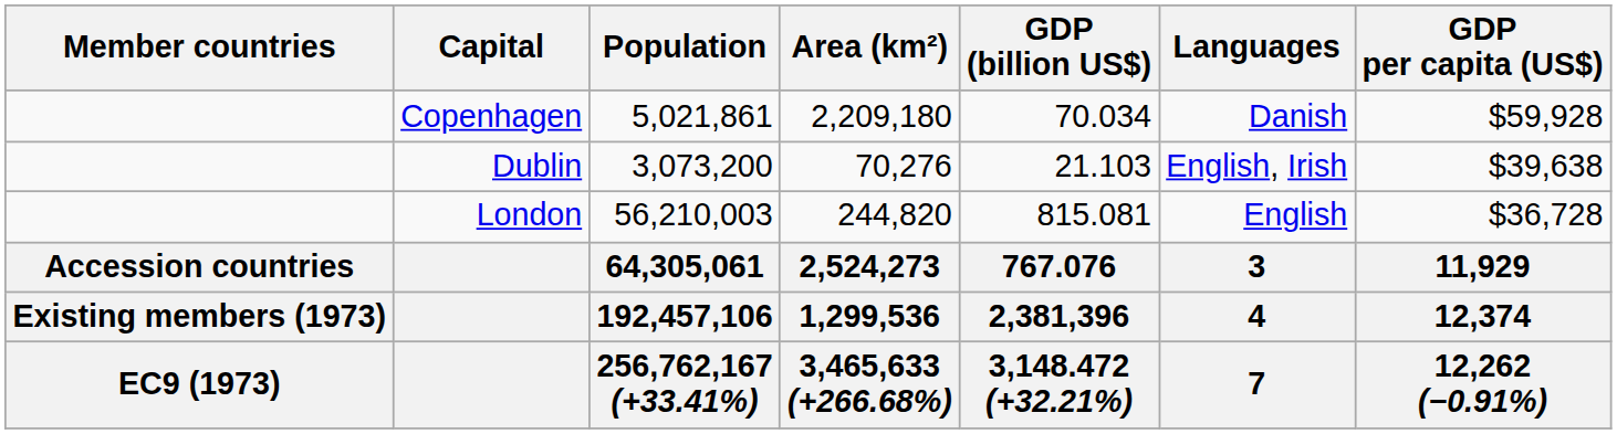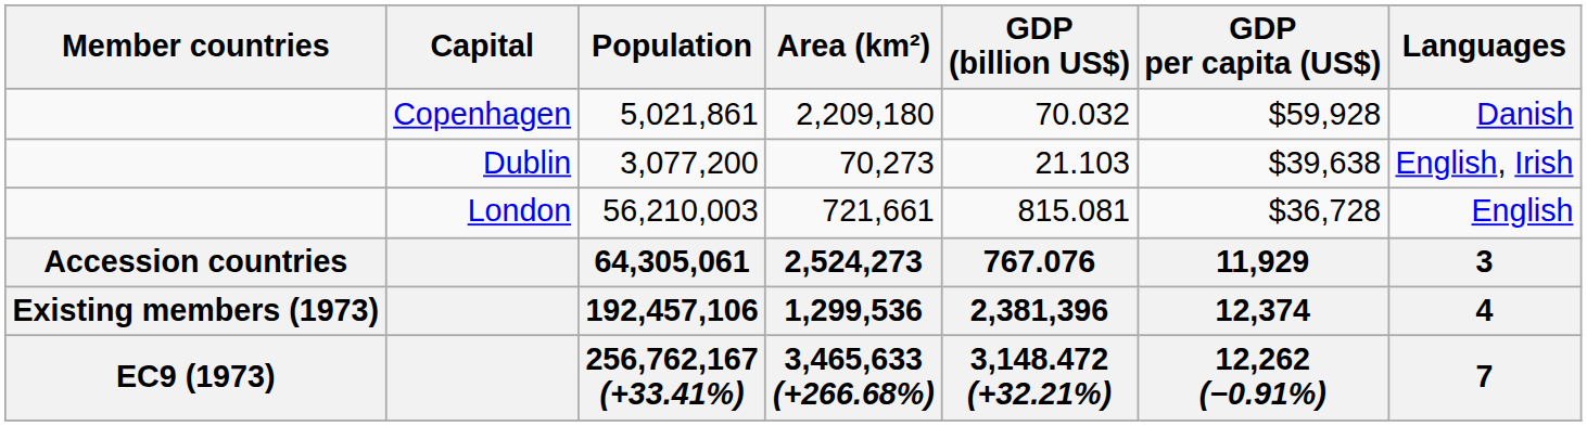 <table class="wikitable" style="text-align:right;">
 <tr>
 <th>Member countries</th>
 <th>Capital</th>
 <th>Population</th>
 <th>Area (km²)</th>
 <th>GDP <br>(billion US$)</th>
+<th>GDP <br>per capita (US$)</th>
 <th>Languages</th>
-<th>GDP <br>per capita (US$)</th>
 </tr>
 <tr>
 <td style="text-align:left;"></td>
 <td><a href='#'>Copenhagen</a></td>
 <td>5,021,861</td>
 <td>2,209,180</td>
-<td>70.034</td>
+<td>70.032</td>
+<td>$59,928</td>
 <td><a href='#'>Danish</a></td>
-<td>$59,928</td>
 </tr>
 <tr>
 <td style="text-align:left;"></td>
 <td><a href='#'>Dublin</a></td>
-<td>3,073,200</td>
-<td>70,276</td>
+<td>3,077,200</td>
+<td>70,273</td>
 <td>21.103</td>
+<td>$39,638</td>
 <td><a href='#'>English</a>, <a href='#'>Irish</a></td>
-<td>$39,638</td>
 </tr>
 <tr>
 <td style="text-align:left;"></td>
 <td><a href='#'>London</a></td>
 <td>56,210,003</td>
-<td>244,820</td>
+<td>721,661</td>
 <td>815.081</td>
+<td>$36,728</td>
 <td><a href='#'>English</a></td>
-<td>$36,728</td>
 </tr>
 <tr>
 <th>Accession countries</th>
 <th></th>
 <th>64,305,061</th>
 <th>2,524,273</th>
 <th>767.076</th>
+<th>11,929</th>
 <th>3</th>
-<th>11,929</th>
 </tr>
 <tr>
 <th>Existing members (1973)</th>
 <th></th>
 <th>192,457,106</th>
 <th>1,299,536</th>
 <th>2,381,396</th>
+<th>12,374</th>
 <th>4</th>
-<th>12,374</th>
 </tr>
 <tr>
 <th>EC9 (1973)</th>
 <th></th>
 <th>256,762,167 <br> <em>(+33.41%)</em></th>
 <th>3,465,633 <br> <em>(+266.68%)</em></th>
 <th>3,148.472 <br> <em>(+32.21%)</em></th>
+<th>12,262 <br> <em>(−0.91%)</em></th>
 <th>7</th>
-<th>12,262 <br> <em>(−0.91%)</em></th>
 </tr>
 </table>
